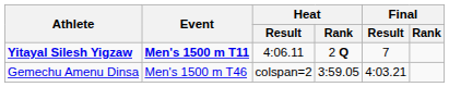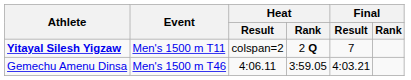 <table class="wikitable" style="font-size:90%">
 <tr>
 <th rowspan="2">Athlete</th>
 <th rowspan="2">Event</th>
 <th colspan="2">Heat</th>
 <th colspan="2">Final</th>
 </tr>
 <tr style="font-size:95%">
 <th>Result</th>
 <th>Rank</th>
 <th>Result</th>
 <th>Rank</th>
 </tr>
 <tr align=center>
 <td align=left><strong><a href='#'>Yitayal Silesh Yigzaw</a></strong></td>
-<td align=left><strong><a href='#'>Men's 1500 m T11</a></strong></td>
-<td>4:06.11</td>
+<td align=left><a href='#'>Men's 1500 m T11</a></td>
+<td>colspan=2 </td>
 <td>2 <strong>Q</strong></td>
 <td>7</td>
 <td></td>
 </tr>
 <tr align=center>
 <td align=left><a href='#'>Gemechu Amenu Dinsa</a></td>
 <td align=left><a href='#'>Men's 1500 m T46</a></td>
-<td>colspan=2 </td>
+<td>4:06.11</td>
 <td>3:59.05</td>
 <td>4:03.21</td>
 </tr>
 </table>
